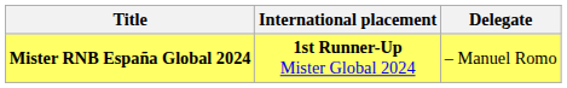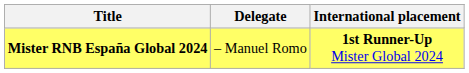 <table class="wikitable" style="font-size: 95%; text-align:center">
 <tr>
 <th>Title</th>
+<th>Delegate</th>
 <th>International placement</th>
-<th>Delegate</th>
 </tr>
 <tr>
 <td style="background-color:#FFFF66"><strong>Mister RNB España Global 2024</strong></td>
+<td style="background-color:#FFFF66"><strong></strong> – Manuel Romo</td>
 <td style="background-color:#FFFF66"><strong>1st Runner-Up</strong><br><a href='#'>Mister Global 2024</a></td>
-<td style="background-color:#FFFF66"><strong></strong> – Manuel Romo</td>
 </tr>
 </table>
